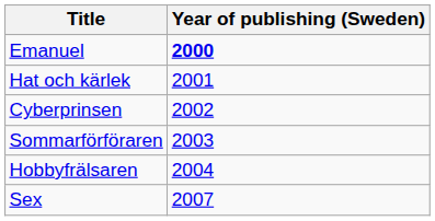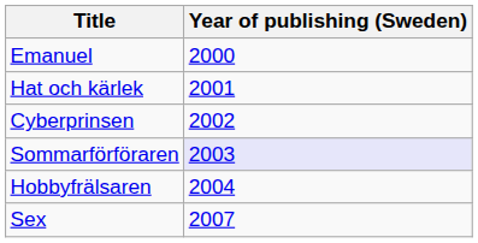 <table class=wikitable>
 <tr>
 <th>Title</th>
 <th>Year of publishing (Sweden)</th>
 </tr>
 <tr>
 <td><a href='#'>Emanuel</a></td>
-<td><strong><a href='#'>2000</a></strong></td>
+<td><a href='#'>2000</a></td>
 </tr>
 <tr>
 <td><a href='#'>Hat och kärlek</a></td>
 <td><a href='#'>2001</a></td>
 </tr>
 <tr>
 <td><a href='#'>Cyberprinsen</a></td>
 <td><a href='#'>2002</a></td>
 </tr>
 <tr>
 <td><a href='#'>Sommarförföraren</a></td>
-<td><a href='#'>2003</a></td>
+<td style="background: lavender;"><a href='#'>2003</a></td>
 </tr>
 <tr>
 <td><a href='#'>Hobbyfrälsaren</a></td>
 <td><a href='#'>2004</a></td>
 </tr>
 <tr>
 <td><a href='#'>Sex</a></td>
 <td><a href='#'>2007</a></td>
 </tr>
 </table>
